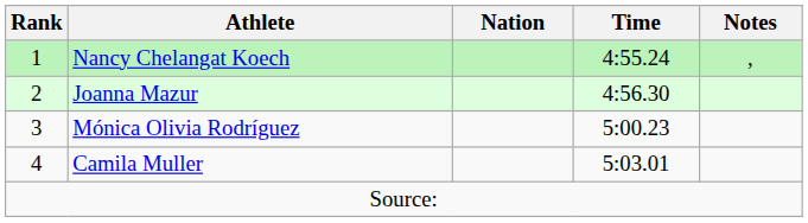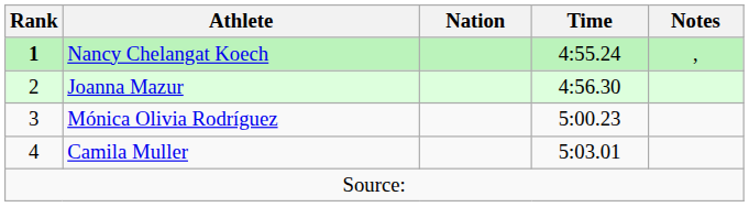 <table class="wikitable sortable" style="text-align:center;width: 65%;">
 <tr>
 <th scope="col" style="width: 10px;">Rank</th>
 <th scope="col">Athlete</th>
 <th scope="col">Nation</th>
 <th scope="col">Time</th>
 <th scope="col">Notes</th>
 </tr>
 <tr bgcolor=bbf3bb>
-<td>1</td>
+<td><strong>1</strong></td>
 <td align=left><a href='#'>Nancy Chelangat Koech</a><br></td>
 <td align=left></td>
 <td>4:55.24</td>
 <td>, </td>
 </tr>
 <tr bgcolor=ddffdd>
 <td>2</td>
 <td align=left><a href='#'>Joanna Mazur</a><br></td>
 <td align=left></td>
 <td>4:56.30</td>
 <td></td>
 </tr>
 <tr>
 <td>3</td>
 <td align=left><a href='#'>Mónica Olivia Rodríguez</a><br></td>
 <td align=left></td>
 <td>5:00.23</td>
 <td></td>
 </tr>
 <tr>
 <td>4</td>
 <td align=left><a href='#'>Camila Muller</a><br></td>
 <td align=left></td>
 <td>5:03.01</td>
 <td></td>
 </tr>
 <tr class="sortbottom">
 <td colspan="5">Source:</td>
 </tr>
 </table>
